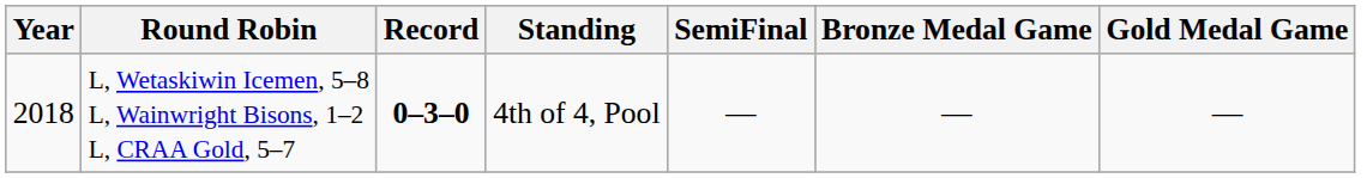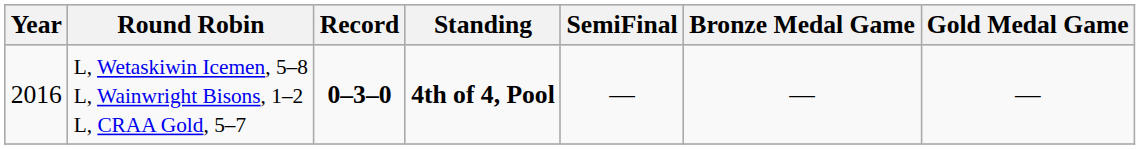 <table class="wikitable" style="text-align:center">
 <tr>
 <th>Year</th>
 <th>Round Robin</th>
 <th>Record</th>
 <th>Standing</th>
 <th>SemiFinal</th>
 <th>Bronze Medal Game</th>
 <th>Gold Medal Game</th>
 </tr>
 <tr>
-<td>2018</td>
+<td>2016</td>
 <td align=left><small>L, <a href='#'>Wetaskiwin Icemen</a>, 5–8<br>L, <a href='#'>Wainwright Bisons</a>, 1–2<br>L, <a href='#'>CRAA Gold</a>, 5–7</small></td>
 <td><strong>0–3–0</strong></td>
-<td>4th of 4, Pool</td>
+<td><strong>4th of 4, Pool</strong></td>
 <td>—</td>
 <td>—</td>
 <td>—</td>
 </tr>
 </table>
